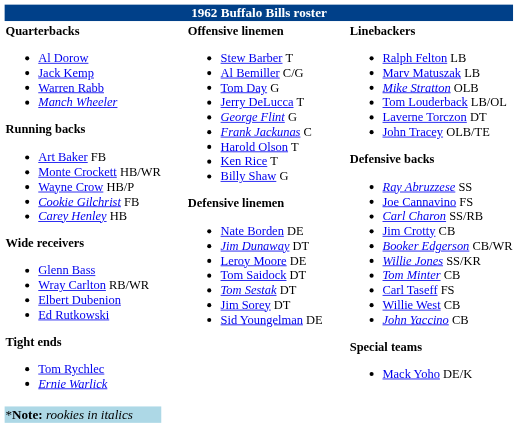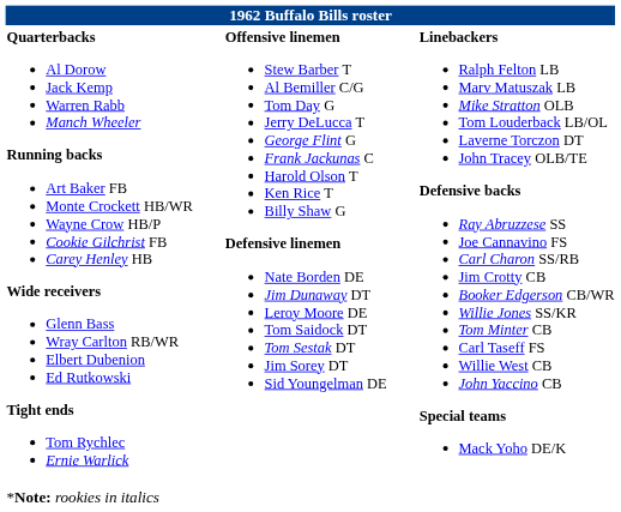 <table class="toccolours" style="text-align: left;">
 <tr>
 <th colspan="7" style="background-color: #004089; color:white;text-align:center;">1962 Buffalo Bills roster</th>
 </tr>
 <tr>
 <td style="font-size: 95%;" valign="top"><strong>Quarterbacks</strong><br><ul><li> <a href='#'>Al Dorow</a></li><li> <a href='#'>Jack Kemp</a></li><li> <a href='#'>Warren Rabb</a></li><li> <em><a href='#'>Manch Wheeler</a></em></li></ul><strong>Running backs</strong><ul><li> <a href='#'>Art Baker</a> FB</li><li> <a href='#'>Monte Crockett</a> HB/WR</li><li> <a href='#'>Wayne Crow</a> HB/P</li><li> <em><a href='#'>Cookie Gilchrist</a></em> FB</li><li> <em><a href='#'>Carey Henley</a></em> HB</li></ul><strong>Wide receivers</strong><ul><li> <a href='#'>Glenn Bass</a></li><li> <a href='#'>Wray Carlton</a> RB/WR</li><li> <a href='#'>Elbert Dubenion</a></li><li> <a href='#'>Ed Rutkowski</a></li></ul><strong>Tight ends</strong><ul><li> <a href='#'>Tom Rychlec</a></li><li> <em><a href='#'>Ernie Warlick</a></em></li></ul></td>
 <td style="width:25px"></td>
 <td style="font-size:95%;" valign="top"><strong>Offensive linemen</strong><br><ul><li> <a href='#'>Stew Barber</a> T</li><li> <a href='#'>Al Bemiller</a> C/G</li><li> <a href='#'>Tom Day</a> G</li><li> <a href='#'>Jerry DeLucca</a> T</li><li> <em><a href='#'>George Flint</a></em> G</li><li> <em><a href='#'>Frank Jackunas</a></em> C</li><li> <a href='#'>Harold Olson</a> T</li><li> <a href='#'>Ken Rice</a> T</li><li> <a href='#'>Billy Shaw</a> G</li></ul><strong>Defensive linemen</strong><ul><li> <a href='#'>Nate Borden</a> DE</li><li> <em><a href='#'>Jim Dunaway</a></em> DT</li><li> <a href='#'>Leroy Moore</a> DE</li><li> <a href='#'>Tom Saidock</a> DT</li><li> <em><a href='#'>Tom Sestak</a></em> DT</li><li> <a href='#'>Jim Sorey</a> DT</li><li> <a href='#'>Sid Youngelman</a> DE</li></ul></td>
 <td style="width:25px;"></td>
 <td style="font-size: 95%" valign="top"><strong>Linebackers</strong><br><ul><li> <a href='#'>Ralph Felton</a> LB</li><li> <a href='#'>Marv Matuszak</a> LB</li><li> <em><a href='#'>Mike Stratton</a></em> OLB</li><li> <a href='#'>Tom Louderback</a> LB/OL</li><li> <a href='#'>Laverne Torczon</a> DT</li><li> <a href='#'>John Tracey</a> OLB/TE</li></ul><strong>Defensive backs</strong><ul><li> <em><a href='#'>Ray Abruzzese</a></em> SS</li><li> <a href='#'>Joe Cannavino</a> FS</li><li> <em><a href='#'>Carl Charon</a></em> SS/RB</li><li> <a href='#'>Jim Crotty</a> CB</li><li> <em><a href='#'>Booker Edgerson</a></em> CB/WR</li><li> <em><a href='#'>Willie Jones</a></em> SS/KR</li><li> <em><a href='#'>Tom Minter</a></em> CB</li><li> <a href='#'>Carl Taseff</a> FS</li><li> <a href='#'>Willie West</a> CB</li><li> <em><a href='#'>John Yaccino</a></em> CB</li></ul><strong>Special teams</strong><ul><li> <a href='#'>Mack Yoho</a> DE/K</li></ul></td>
 </tr>
 <tr>
-<td style="background: lightblue;">*<strong>Note:</strong> <em>rookies in italics</em></td>
+<td>*<strong>Note:</strong> <em>rookies in italics</em></td>
 </tr>
 </table>
